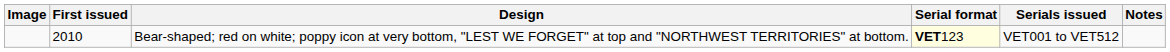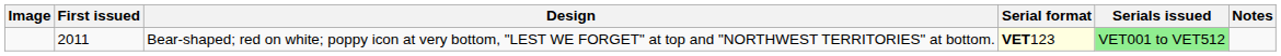 <table class="wikitable">
 <tr>
 <th>Image</th>
 <th>First issued</th>
 <th>Design</th>
 <th>Serial format</th>
 <th>Serials issued</th>
 <th>Notes</th>
 </tr>
 <tr>
 <td></td>
-<td>2010</td>
+<td>2011</td>
 <td>Bear-shaped; red on white; poppy icon at very bottom, "LEST WE FORGET" at top and "NORTHWEST TERRITORIES" at bottom.</td>
 <td style="background: lightyellow;"><strong>VET</strong>123</td>
-<td>VET001 to VET512 </td>
+<td style="background: lightgreen;">VET001 to VET512 </td>
 <td></td>
 </tr>
 </table>
